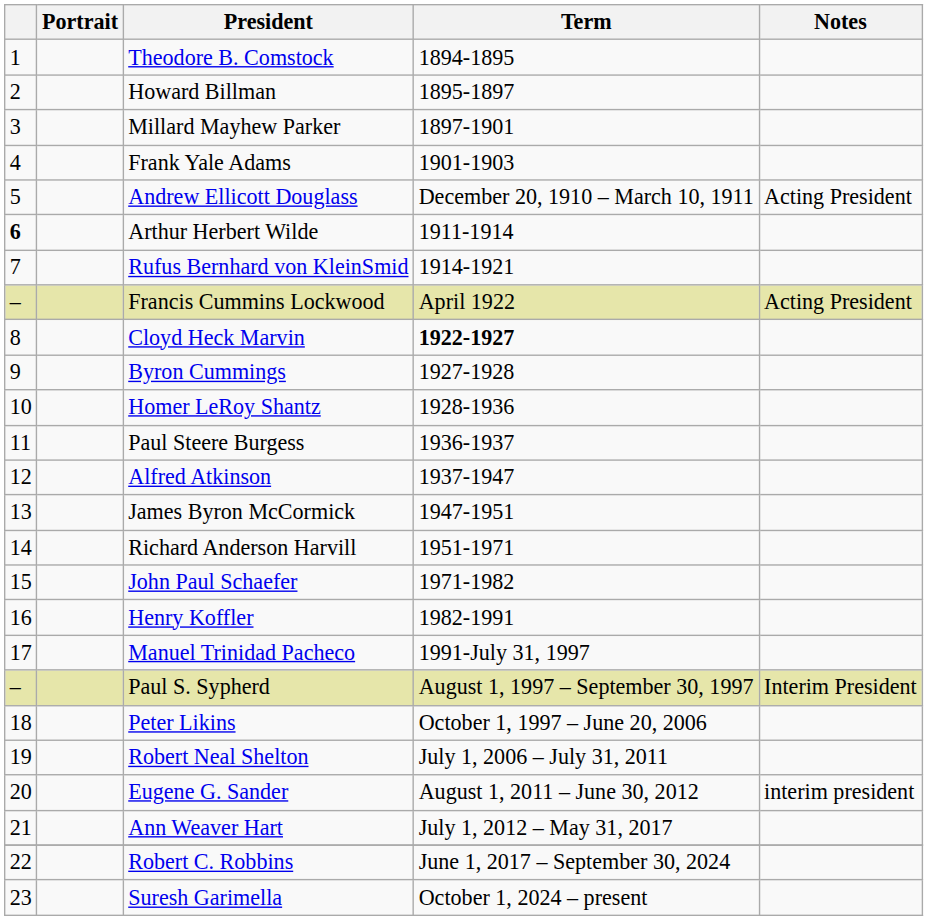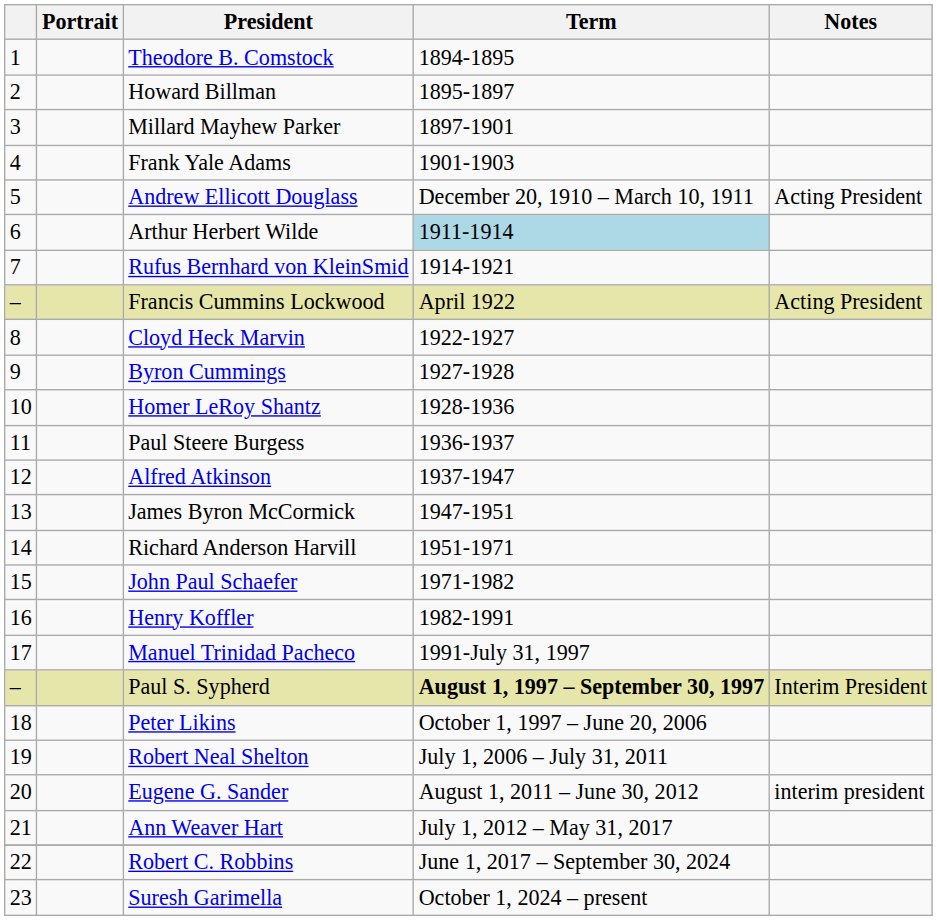 <table class=wikitable style="text-align:left">
 <tr>
 <th></th>
 <th>Portrait</th>
 <th>President</th>
 <th>Term</th>
 <th>Notes</th>
 </tr>
 <tr>
 <td>1</td>
 <td></td>
 <td><a href='#'>Theodore B. Comstock</a></td>
 <td>1894-1895</td>
 <td></td>
 </tr>
 <tr>
 <td>2</td>
 <td></td>
 <td>Howard Billman</td>
 <td>1895-1897</td>
 <td></td>
 </tr>
 <tr>
 <td>3</td>
 <td></td>
 <td>Millard Mayhew Parker</td>
 <td>1897-1901</td>
 <td></td>
 </tr>
 <tr>
 <td>4</td>
 <td></td>
 <td>Frank Yale Adams</td>
 <td>1901-1903</td>
 <td></td>
 </tr>
 <tr>
 <td>5</td>
 <td></td>
 <td><a href='#'>Andrew Ellicott Douglass</a></td>
 <td>December 20, 1910 – March 10, 1911</td>
 <td>Acting President</td>
 </tr>
 <tr>
-<td><strong>6</strong></td>
+<td>6</td>
 <td></td>
 <td>Arthur Herbert Wilde</td>
-<td>1911-1914</td>
+<td style="background: lightblue;">1911-1914</td>
 <td></td>
 </tr>
 <tr>
 <td>7</td>
 <td></td>
 <td><a href='#'>Rufus Bernhard von KleinSmid</a></td>
 <td>1914-1921</td>
 <td></td>
 </tr>
 <tr bgcolor="#e6e6aa">
 <td>–</td>
 <td></td>
 <td>Francis Cummins Lockwood</td>
 <td>April 1922</td>
 <td>Acting President</td>
 </tr>
 <tr>
 <td>8</td>
 <td></td>
 <td><a href='#'>Cloyd Heck Marvin</a></td>
-<td><strong>1922-1927</strong></td>
+<td>1922-1927</td>
 <td></td>
 </tr>
 <tr>
 <td>9</td>
 <td></td>
 <td><a href='#'>Byron Cummings</a></td>
 <td>1927-1928</td>
 <td></td>
 </tr>
 <tr>
 <td>10</td>
 <td></td>
 <td><a href='#'>Homer LeRoy Shantz</a></td>
 <td>1928-1936</td>
 <td></td>
 </tr>
 <tr>
 <td>11</td>
 <td></td>
 <td>Paul Steere Burgess</td>
 <td>1936-1937</td>
 <td></td>
 </tr>
 <tr>
 <td>12</td>
 <td></td>
 <td><a href='#'>Alfred Atkinson</a></td>
 <td>1937-1947</td>
 <td></td>
 </tr>
 <tr>
 <td>13</td>
 <td></td>
 <td>James Byron McCormick</td>
 <td>1947-1951</td>
 <td></td>
 </tr>
 <tr>
 <td>14</td>
 <td></td>
 <td>Richard Anderson Harvill</td>
 <td>1951-1971</td>
 <td></td>
 </tr>
 <tr>
 <td>15</td>
 <td></td>
 <td><a href='#'>John Paul Schaefer</a></td>
 <td>1971-1982</td>
 <td></td>
 </tr>
 <tr>
 <td>16</td>
 <td></td>
 <td><a href='#'>Henry Koffler</a></td>
 <td>1982-1991</td>
 <td></td>
 </tr>
 <tr>
 <td>17</td>
 <td></td>
 <td><a href='#'>Manuel Trinidad Pacheco</a></td>
 <td>1991-July 31, 1997</td>
 <td></td>
 </tr>
 <tr bgcolor="#e6e6aa">
 <td>–</td>
 <td></td>
 <td>Paul S. Sypherd</td>
-<td>August 1, 1997 – September 30, 1997</td>
+<td><strong>August 1, 1997 – September 30, 1997</strong></td>
 <td>Interim President</td>
 </tr>
 <tr>
 <td>18</td>
 <td></td>
 <td><a href='#'>Peter Likins</a></td>
 <td>October 1, 1997 – June 20, 2006</td>
 <td></td>
 </tr>
 <tr>
 <td>19</td>
 <td></td>
 <td><a href='#'>Robert Neal Shelton</a></td>
 <td>July 1, 2006 – July 31, 2011</td>
 <td></td>
 </tr>
 <tr>
 <td>20</td>
 <td></td>
 <td><a href='#'>Eugene G. Sander</a></td>
 <td>August 1, 2011 – June 30, 2012</td>
 <td>interim president</td>
 </tr>
 <tr>
 <td>21</td>
 <td></td>
 <td><a href='#'>Ann Weaver Hart</a></td>
 <td>July 1, 2012 – May 31, 2017</td>
 <td></td>
 </tr>
 <tr>
 </tr>
 <tr>
 <td>22</td>
 <td></td>
 <td><a href='#'>Robert C. Robbins</a></td>
 <td>June 1, 2017 – September 30, 2024</td>
 <td></td>
 </tr>
 <tr>
 <td>23</td>
 <td></td>
 <td><a href='#'>Suresh Garimella</a></td>
 <td>October 1, 2024 – present</td>
 <td></td>
 </tr>
 <tr>
 </tr>
 </table>
